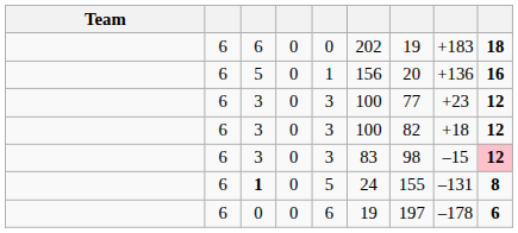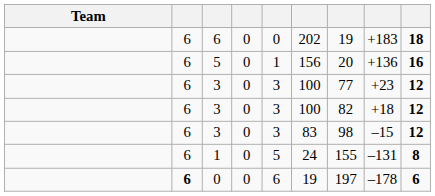 <table class="wikitable" style="text-align:center;">
 <tr>
 <th width="175">Team</th>
 <th width="25" abbr="Played"></th>
 <th width="25" abbr="Won"></th>
 <th width="25" abbr="Drawn"></th>
 <th width="25" abbr="Lost"></th>
 <th width="32" abbr="Points for"></th>
 <th width="32" abbr="Points against"></th>
 <th width="32" abbr="Points difference"></th>
 <th width="25" abbr="Points"></th>
 </tr>
 <tr>
 <td align="left"></td>
 <td>6</td>
 <td>6</td>
 <td>0</td>
 <td>0</td>
 <td>202</td>
 <td>19</td>
 <td>+183</td>
 <td><strong>18</strong></td>
 </tr>
 <tr>
 <td align="left"></td>
 <td>6</td>
 <td>5</td>
 <td>0</td>
 <td>1</td>
 <td>156</td>
 <td>20</td>
 <td>+136</td>
 <td><strong>16</strong></td>
 </tr>
 <tr>
 <td align="left"></td>
 <td>6</td>
 <td>3</td>
 <td>0</td>
 <td>3</td>
 <td>100</td>
 <td>77</td>
 <td>+23</td>
 <td><strong>12</strong></td>
 </tr>
 <tr>
 <td align="left"></td>
 <td>6</td>
 <td>3</td>
 <td>0</td>
 <td>3</td>
 <td>100</td>
 <td>82</td>
 <td>+18</td>
 <td><strong>12</strong></td>
 </tr>
 <tr>
 <td align="left"></td>
 <td>6</td>
 <td>3</td>
 <td>0</td>
 <td>3</td>
 <td>83</td>
 <td>98</td>
 <td>–15</td>
-<td style="background: pink;"><strong>12</strong></td>
+<td><strong>12</strong></td>
 </tr>
 <tr>
 <td align="left"></td>
 <td>6</td>
-<td><strong>1</strong></td>
+<td>1</td>
 <td>0</td>
 <td>5</td>
 <td>24</td>
 <td>155</td>
 <td>–131</td>
 <td><strong>8</strong></td>
 </tr>
 <tr>
 <td align="left"></td>
-<td>6</td>
+<td><strong>6</strong></td>
 <td>0</td>
 <td>0</td>
 <td>6</td>
 <td>19</td>
 <td>197</td>
 <td>–178</td>
 <td><strong>6</strong></td>
 </tr>
 </table>
